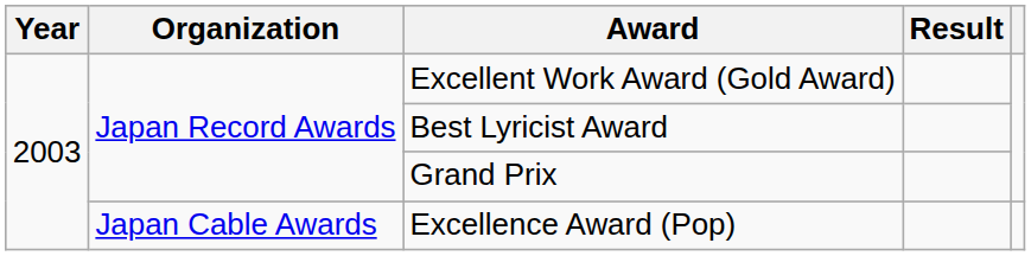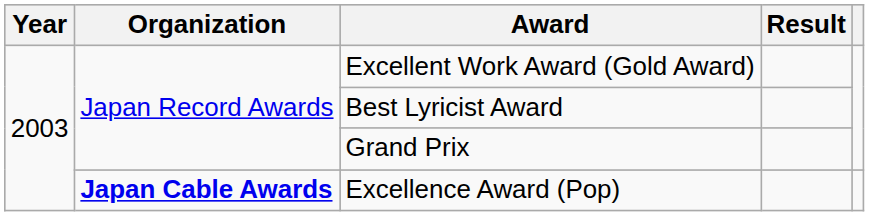 <table class="wikitable plainrowheaders">
 <tr>
 <th scope="col">Year</th>
 <th scope="col">Organization</th>
 <th scope="col">Award</th>
 <th scope="col">Result</th>
 <th class="unsortable"></th>
 </tr>
 <tr>
 <td rowspan="4">2003</td>
 <td rowspan="3"><a href='#'>Japan Record Awards</a></td>
 <td>Excellent Work Award (Gold Award)</td>
 <td></td>
 <td align="center" rowspan="3"></td>
 </tr>
 <tr>
 <td>Best Lyricist Award</td>
 <td></td>
 </tr>
 <tr>
 <td>Grand Prix</td>
 <td></td>
 </tr>
 <tr>
-<td><a href='#'>Japan Cable Awards</a></td>
+<td><strong><a href='#'>Japan Cable Awards</a></strong></td>
 <td>Excellence Award (Pop)</td>
 <td></td>
 <td align="center"></td>
 </tr>
 </table>
